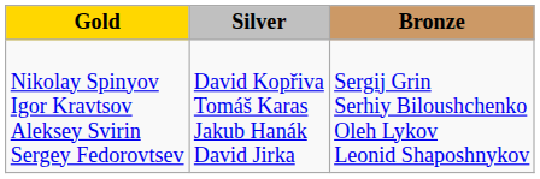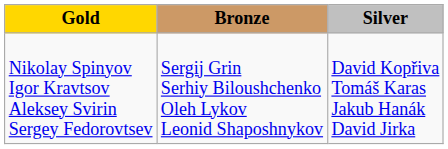 <table class="wikitable">
 <tr>
 <td align=center bgcolor=gold> <strong>Gold</strong></td>
+<td align=center bgcolor=cc9966> <strong>Bronze</strong></td>
 <td align=center bgcolor=silver> <strong>Silver</strong></td>
-<td align=center bgcolor=cc9966> <strong>Bronze</strong></td>
 </tr>
 <tr>
 <td><br><a href='#'>Nikolay Spinyov</a><br><a href='#'>Igor Kravtsov</a><br><a href='#'>Aleksey Svirin</a><br><a href='#'>Sergey Fedorovtsev</a></td>
+<td><br><a href='#'>Sergij Grin</a><br><a href='#'>Serhiy Biloushchenko</a><br><a href='#'>Oleh Lykov</a><br><a href='#'>Leonid Shaposhnykov</a></td>
 <td><br><a href='#'>David Kopřiva</a><br><a href='#'>Tomáš Karas</a><br><a href='#'>Jakub Hanák</a><br><a href='#'>David Jirka</a></td>
-<td><br><a href='#'>Sergij Grin</a><br><a href='#'>Serhiy Biloushchenko</a><br><a href='#'>Oleh Lykov</a><br><a href='#'>Leonid Shaposhnykov</a></td>
 </tr>
 </table>
